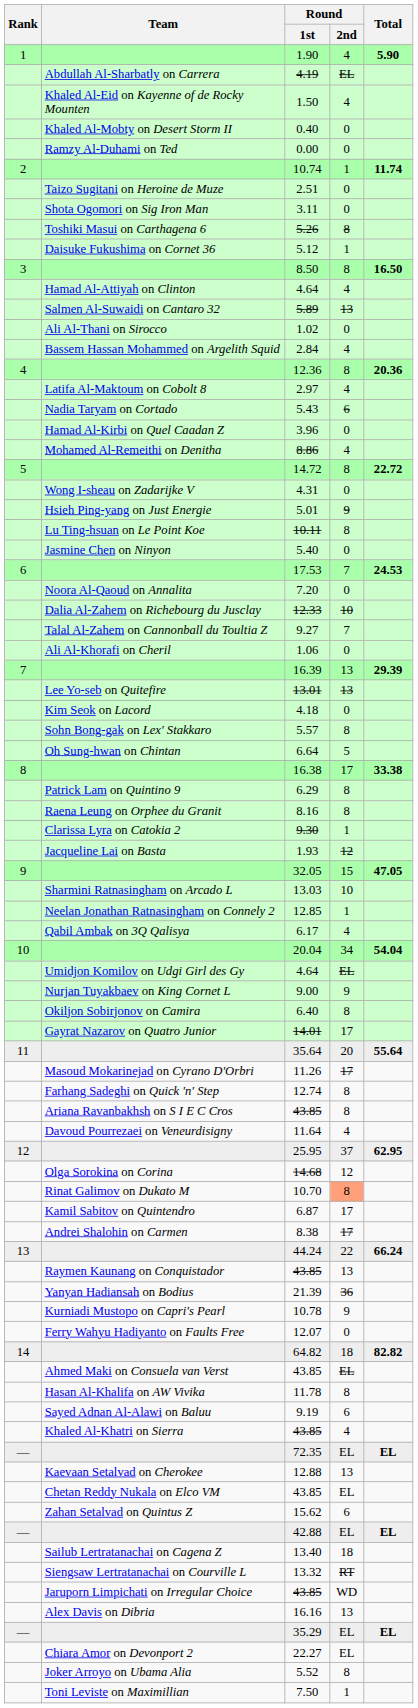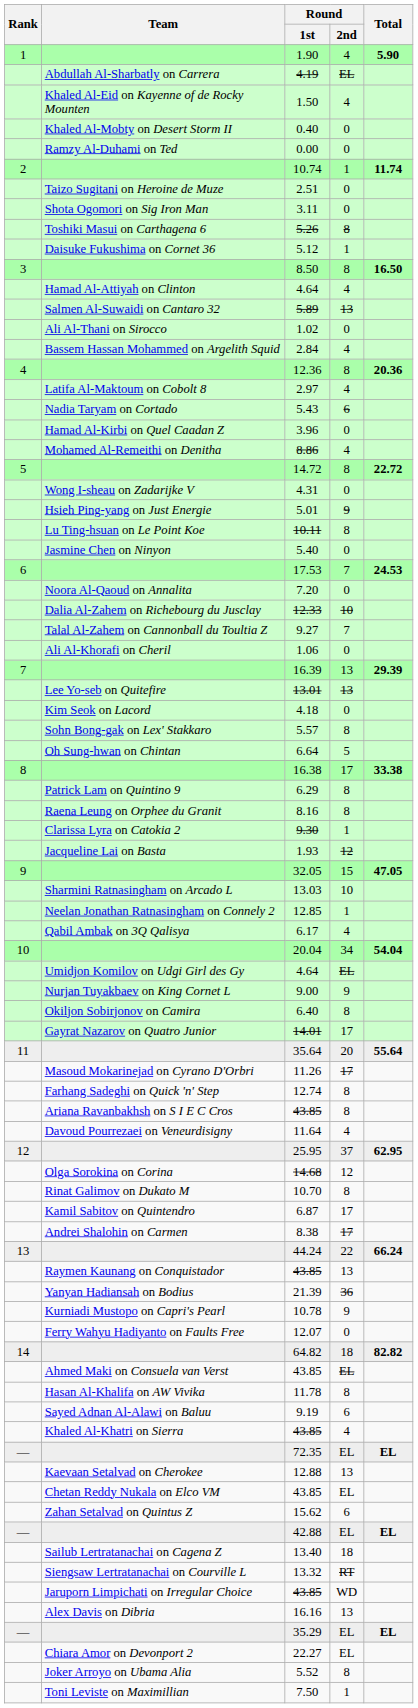 <table class=wikitable style="text-align:center">
 <tr>
 <th rowspan=2 width=40>Rank</th>
 <th rowspan=2 width=300>Team</th>
 <th colspan=2>Round</th>
 <th rowspan=2 width=55>Total</th>
 </tr>
 <tr>
 <th width=50>1st</th>
 <th width=35>2nd</th>
 </tr>
 <tr bgcolor="aaffaa">
 <td>1</td>
 <td align=left></td>
 <td>1.90</td>
 <td>4</td>
 <td><strong>5.90</strong></td>
 </tr>
 <tr bgcolor="ccffcc">
 <td></td>
 <td align=left><a href='#'>Abdullah Al-Sharbatly</a> on <em>Carrera</em></td>
 <td><s>4.19</s></td>
 <td><s>EL</s></td>
 <td></td>
 </tr>
 <tr bgcolor="ccffcc">
 <td></td>
 <td align=left><a href='#'>Khaled Al-Eid</a> on <em>Kayenne of de Rocky Mounten</em></td>
 <td>1.50</td>
 <td>4</td>
 <td></td>
 </tr>
 <tr bgcolor="ccffcc">
 <td></td>
 <td align=left><a href='#'>Khaled Al-Mobty</a> on <em>Desert Storm II</em></td>
 <td>0.40</td>
 <td>0</td>
 <td></td>
 </tr>
 <tr bgcolor="ccffcc">
 <td></td>
 <td align=left><a href='#'>Ramzy Al-Duhami</a> on <em>Ted</em></td>
 <td>0.00</td>
 <td>0</td>
 <td></td>
 </tr>
 <tr bgcolor="aaffaa">
 <td>2</td>
 <td align=left></td>
 <td>10.74</td>
 <td>1</td>
 <td><strong>11.74</strong></td>
 </tr>
 <tr bgcolor="ccffcc">
 <td></td>
 <td align=left><a href='#'>Taizo Sugitani</a> on <em>Heroine de Muze</em></td>
 <td>2.51</td>
 <td>0</td>
 <td></td>
 </tr>
 <tr bgcolor="ccffcc">
 <td></td>
 <td align=left><a href='#'>Shota Ogomori</a> on <em>Sig Iron Man</em></td>
 <td>3.11</td>
 <td>0</td>
 <td></td>
 </tr>
 <tr bgcolor="ccffcc">
 <td></td>
 <td align=left><a href='#'>Toshiki Masui</a> on <em>Carthagena 6</em></td>
 <td><s>5.26</s></td>
 <td><s>8</s></td>
 <td></td>
 </tr>
 <tr bgcolor="ccffcc">
 <td></td>
 <td align=left><a href='#'>Daisuke Fukushima</a> on <em>Cornet 36</em></td>
 <td>5.12</td>
 <td>1</td>
 <td></td>
 </tr>
 <tr bgcolor="aaffaa">
 <td>3</td>
 <td align=left></td>
 <td>8.50</td>
 <td>8</td>
 <td><strong>16.50</strong></td>
 </tr>
 <tr bgcolor="ccffcc">
 <td></td>
 <td align=left><a href='#'>Hamad Al-Attiyah</a> on <em>Clinton</em></td>
 <td>4.64</td>
 <td>4</td>
 <td></td>
 </tr>
 <tr bgcolor="ccffcc">
 <td></td>
 <td align=left><a href='#'>Salmen Al-Suwaidi</a> on <em>Cantaro 32</em></td>
 <td><s>5.89</s></td>
 <td><s>13</s></td>
 <td></td>
 </tr>
 <tr bgcolor="ccffcc">
 <td></td>
 <td align=left><a href='#'>Ali Al-Thani</a> on <em>Sirocco</em></td>
 <td>1.02</td>
 <td>0</td>
 <td></td>
 </tr>
 <tr bgcolor="ccffcc">
 <td></td>
 <td align=left><a href='#'>Bassem Hassan Mohammed</a> on <em>Argelith Squid</em></td>
 <td>2.84</td>
 <td>4</td>
 <td></td>
 </tr>
 <tr bgcolor="aaffaa">
 <td>4</td>
 <td align=left></td>
 <td>12.36</td>
 <td>8</td>
 <td><strong>20.36</strong></td>
 </tr>
 <tr bgcolor="ccffcc">
 <td></td>
 <td align=left><a href='#'>Latifa Al-Maktoum</a> on <em>Cobolt 8</em></td>
 <td>2.97</td>
 <td>4</td>
 <td></td>
 </tr>
 <tr bgcolor="ccffcc">
 <td></td>
 <td align=left><a href='#'>Nadia Taryam</a> on <em>Cortado</em></td>
 <td>5.43</td>
 <td><s>6</s></td>
 <td></td>
 </tr>
 <tr bgcolor="ccffcc">
 <td></td>
 <td align=left><a href='#'>Hamad Al-Kirbi</a> on <em>Quel Caadan Z</em></td>
 <td>3.96</td>
 <td>0</td>
 <td></td>
 </tr>
 <tr bgcolor="ccffcc">
 <td></td>
 <td align=left><a href='#'>Mohamed Al-Remeithi</a> on <em>Denitha</em></td>
 <td><s>8.86</s></td>
 <td>4</td>
 <td></td>
 </tr>
 <tr bgcolor="aaffaa">
 <td>5</td>
 <td align=left></td>
 <td>14.72</td>
 <td>8</td>
 <td><strong>22.72</strong></td>
 </tr>
 <tr bgcolor="ccffcc">
 <td></td>
 <td align=left><a href='#'>Wong I-sheau</a> on <em>Zadarijke V</em></td>
 <td>4.31</td>
 <td>0</td>
 <td></td>
 </tr>
 <tr bgcolor="ccffcc">
 <td></td>
 <td align=left><a href='#'>Hsieh Ping-yang</a> on <em>Just Energie</em></td>
 <td>5.01</td>
 <td><s>9</s></td>
 <td></td>
 </tr>
 <tr bgcolor="ccffcc">
 <td></td>
 <td align=left><a href='#'>Lu Ting-hsuan</a> on <em>Le Point Koe</em></td>
 <td><s>10.11</s></td>
 <td>8</td>
 <td></td>
 </tr>
 <tr bgcolor="ccffcc">
 <td></td>
 <td align=left><a href='#'>Jasmine Chen</a> on <em>Ninyon</em></td>
 <td>5.40</td>
 <td>0</td>
 <td></td>
 </tr>
 <tr bgcolor="aaffaa">
 <td>6</td>
 <td align=left></td>
 <td>17.53</td>
 <td>7</td>
 <td><strong>24.53</strong></td>
 </tr>
 <tr bgcolor="ccffcc">
 <td></td>
 <td align=left><a href='#'>Noora Al-Qaoud</a> on <em>Annalita</em></td>
 <td>7.20</td>
 <td>0</td>
 <td></td>
 </tr>
 <tr bgcolor="ccffcc">
 <td></td>
 <td align=left><a href='#'>Dalia Al-Zahem</a> on <em>Richebourg du Jusclay</em></td>
 <td><s>12.33</s></td>
 <td><s>10</s></td>
 <td></td>
 </tr>
 <tr bgcolor="ccffcc">
 <td></td>
 <td align=left><a href='#'>Talal Al-Zahem</a> on <em>Cannonball du Toultia Z</em></td>
 <td>9.27</td>
 <td>7</td>
 <td></td>
 </tr>
 <tr bgcolor="ccffcc">
 <td></td>
 <td align=left><a href='#'>Ali Al-Khorafi</a> on <em>Cheril</em></td>
 <td>1.06</td>
 <td>0</td>
 <td></td>
 </tr>
 <tr bgcolor="aaffaa">
 <td>7</td>
 <td align=left></td>
 <td>16.39</td>
 <td>13</td>
 <td><strong>29.39</strong></td>
 </tr>
 <tr bgcolor="ccffcc">
 <td></td>
 <td align=left><a href='#'>Lee Yo-seb</a> on <em>Quitefire</em></td>
 <td><s>13.01</s></td>
 <td><s>13</s></td>
 <td></td>
 </tr>
 <tr bgcolor="ccffcc">
 <td></td>
 <td align=left><a href='#'>Kim Seok</a> on <em>Lacord</em></td>
 <td>4.18</td>
 <td>0</td>
 <td></td>
 </tr>
 <tr bgcolor="ccffcc">
 <td></td>
 <td align=left><a href='#'>Sohn Bong-gak</a> on <em>Lex' Stakkaro</em></td>
 <td>5.57</td>
 <td>8</td>
 <td></td>
 </tr>
 <tr bgcolor="ccffcc">
 <td></td>
 <td align=left><a href='#'>Oh Sung-hwan</a> on <em>Chintan</em></td>
 <td>6.64</td>
 <td>5</td>
 <td></td>
 </tr>
 <tr bgcolor="aaffaa">
 <td>8</td>
 <td align=left></td>
 <td>16.38</td>
 <td>17</td>
 <td><strong>33.38</strong></td>
 </tr>
 <tr bgcolor="ccffcc">
 <td></td>
 <td align=left><a href='#'>Patrick Lam</a> on <em>Quintino 9</em></td>
 <td>6.29</td>
 <td>8</td>
 <td></td>
 </tr>
 <tr bgcolor="ccffcc">
 <td></td>
 <td align=left><a href='#'>Raena Leung</a> on <em>Orphee du Granit</em></td>
 <td>8.16</td>
 <td>8</td>
 <td></td>
 </tr>
 <tr bgcolor="ccffcc">
 <td></td>
 <td align=left><a href='#'>Clarissa Lyra</a> on <em>Catokia 2</em></td>
 <td><s>9.30</s></td>
 <td>1</td>
 <td></td>
 </tr>
 <tr bgcolor="ccffcc">
 <td></td>
 <td align=left><a href='#'>Jacqueline Lai</a> on <em>Basta</em></td>
 <td>1.93</td>
 <td><s>12</s></td>
 <td></td>
 </tr>
 <tr bgcolor="aaffaa">
 <td>9</td>
 <td align=left></td>
 <td>32.05</td>
 <td>15</td>
 <td><strong>47.05</strong></td>
 </tr>
 <tr bgcolor="ccffcc">
 <td></td>
 <td align=left><a href='#'>Sharmini Ratnasingham</a> on <em>Arcado L</em></td>
 <td>13.03</td>
 <td>10</td>
 <td></td>
 </tr>
 <tr bgcolor="ccffcc">
 <td></td>
 <td align=left><a href='#'>Neelan Jonathan Ratnasingham</a> on <em>Connely 2</em></td>
 <td>12.85</td>
 <td>1</td>
 <td></td>
 </tr>
 <tr bgcolor="ccffcc">
 <td></td>
 <td align=left><a href='#'>Qabil Ambak</a> on <em>3Q Qalisya</em></td>
 <td>6.17</td>
 <td>4</td>
 <td></td>
 </tr>
 <tr bgcolor="aaffaa">
 <td>10</td>
 <td align=left></td>
 <td>20.04</td>
 <td>34</td>
 <td><strong>54.04</strong></td>
 </tr>
 <tr bgcolor="ccffcc">
 <td></td>
 <td align=left><a href='#'>Umidjon Komilov</a> on <em>Udgi Girl des Gy</em></td>
 <td>4.64</td>
 <td><s>EL</s></td>
 <td></td>
 </tr>
 <tr bgcolor="ccffcc">
 <td></td>
 <td align=left><a href='#'>Nurjan Tuyakbaev</a> on <em>King Cornet L</em></td>
 <td>9.00</td>
 <td>9</td>
 <td></td>
 </tr>
 <tr bgcolor="ccffcc">
 <td></td>
 <td align=left><a href='#'>Okiljon Sobirjonov</a> on <em>Camira</em></td>
 <td>6.40</td>
 <td>8</td>
 <td></td>
 </tr>
 <tr bgcolor="ccffcc">
 <td></td>
 <td align=left><a href='#'>Gayrat Nazarov</a> on <em>Quatro Junior</em></td>
 <td><s>14.01</s></td>
 <td>17</td>
 <td></td>
 </tr>
 <tr bgcolor=eeeeee>
 <td>11</td>
 <td align=left></td>
 <td>35.64</td>
 <td>20</td>
 <td><strong>55.64</strong></td>
 </tr>
 <tr>
 <td></td>
 <td align=left><a href='#'>Masoud Mokarinejad</a> on <em>Cyrano D'Orbri</em></td>
 <td>11.26</td>
 <td><s>17</s></td>
 <td></td>
 </tr>
 <tr>
 <td></td>
 <td align=left><a href='#'>Farhang Sadeghi</a> on <em>Quick 'n' Step</em></td>
 <td>12.74</td>
 <td>8</td>
 <td></td>
 </tr>
 <tr>
 <td></td>
 <td align=left><a href='#'>Ariana Ravanbakhsh</a> on <em>S I E C Cros</em></td>
 <td><s>43.85</s></td>
 <td>8</td>
 <td></td>
 </tr>
 <tr>
 <td></td>
 <td align=left><a href='#'>Davoud Pourrezaei</a> on <em>Veneurdisigny</em></td>
 <td>11.64</td>
 <td>4</td>
 <td></td>
 </tr>
 <tr bgcolor=eeeeee>
 <td>12</td>
 <td align=left></td>
 <td>25.95</td>
 <td>37</td>
 <td><strong>62.95</strong></td>
 </tr>
 <tr>
 <td></td>
 <td align=left><a href='#'>Olga Sorokina</a> on <em>Corina</em></td>
 <td><s>14.68</s></td>
 <td>12</td>
 <td></td>
 </tr>
 <tr>
 <td></td>
 <td align=left><a href='#'>Rinat Galimov</a> on <em>Dukato M</em></td>
 <td>10.70</td>
-<td style="background: lightsalmon;">8</td>
+<td>8</td>
 <td></td>
 </tr>
 <tr>
 <td></td>
 <td align=left><a href='#'>Kamil Sabitov</a> on <em>Quintendro</em></td>
 <td>6.87</td>
 <td>17</td>
 <td></td>
 </tr>
 <tr>
 <td></td>
 <td align=left><a href='#'>Andrei Shalohin</a> on <em>Carmen</em></td>
 <td>8.38</td>
 <td><s>17</s></td>
 <td></td>
 </tr>
 <tr bgcolor=eeeeee>
 <td>13</td>
 <td align=left></td>
 <td>44.24</td>
 <td>22</td>
 <td><strong>66.24</strong></td>
 </tr>
 <tr>
 <td></td>
 <td align=left><a href='#'>Raymen Kaunang</a> on <em>Conquistador</em></td>
 <td><s>43.85</s></td>
 <td>13</td>
 <td></td>
 </tr>
 <tr>
 <td></td>
 <td align=left><a href='#'>Yanyan Hadiansah</a> on <em>Bodius</em></td>
 <td>21.39</td>
 <td><s>36</s></td>
 <td></td>
 </tr>
 <tr>
 <td></td>
 <td align=left><a href='#'>Kurniadi Mustopo</a> on <em>Capri's Pearl</em></td>
 <td>10.78</td>
 <td>9</td>
 <td></td>
 </tr>
 <tr>
 <td></td>
 <td align=left><a href='#'>Ferry Wahyu Hadiyanto</a> on <em>Faults Free</em></td>
 <td>12.07</td>
 <td>0</td>
 <td></td>
 </tr>
 <tr bgcolor=eeeeee>
 <td>14</td>
 <td align=left></td>
 <td>64.82</td>
 <td>18</td>
 <td><strong>82.82</strong></td>
 </tr>
 <tr>
 <td></td>
 <td align=left><a href='#'>Ahmed Maki</a> on <em>Consuela van Verst</em></td>
 <td>43.85</td>
 <td><s>EL</s></td>
 <td></td>
 </tr>
 <tr>
 <td></td>
 <td align=left><a href='#'>Hasan Al-Khalifa</a> on <em>AW Vivika</em></td>
 <td>11.78</td>
 <td>8</td>
 <td></td>
 </tr>
 <tr>
 <td></td>
 <td align=left><a href='#'>Sayed Adnan Al-Alawi</a> on <em>Baluu</em></td>
 <td>9.19</td>
 <td>6</td>
 <td></td>
 </tr>
 <tr>
 <td></td>
 <td align=left><a href='#'>Khaled Al-Khatri</a> on <em>Sierra</em></td>
 <td><s>43.85</s></td>
 <td>4</td>
 <td></td>
 </tr>
 <tr bgcolor=eeeeee>
 <td>—</td>
 <td align=left></td>
 <td>72.35</td>
 <td>EL</td>
 <td><strong>EL</strong></td>
 </tr>
 <tr>
 <td></td>
 <td align=left><a href='#'>Kaevaan Setalvad</a> on <em>Cherokee</em></td>
 <td>12.88</td>
 <td>13</td>
 <td></td>
 </tr>
 <tr>
 <td></td>
 <td align=left><a href='#'>Chetan Reddy Nukala</a> on <em>Elco VM</em></td>
 <td>43.85</td>
 <td>EL</td>
 <td></td>
 </tr>
 <tr>
 <td></td>
 <td align=left><a href='#'>Zahan Setalvad</a> on <em>Quintus Z</em></td>
 <td>15.62</td>
 <td>6</td>
 <td></td>
 </tr>
 <tr bgcolor=eeeeee>
 <td>—</td>
 <td align=left></td>
 <td>42.88</td>
 <td>EL</td>
 <td><strong>EL</strong></td>
 </tr>
 <tr>
 <td></td>
 <td align=left><a href='#'>Sailub Lertratanachai</a> on <em>Cagena Z</em></td>
 <td>13.40</td>
 <td>18</td>
 <td></td>
 </tr>
 <tr>
 <td></td>
 <td align=left><a href='#'>Siengsaw Lertratanachai</a> on <em>Courville L</em></td>
 <td>13.32</td>
 <td><s>RT</s></td>
 <td></td>
 </tr>
 <tr>
 <td></td>
 <td align=left><a href='#'>Jaruporn Limpichati</a> on <em>Irregular Choice</em></td>
 <td><s>43.85</s></td>
 <td>WD</td>
 <td></td>
 </tr>
 <tr>
 <td></td>
 <td align=left><a href='#'>Alex Davis</a> on <em>Dibria</em></td>
 <td>16.16</td>
 <td>13</td>
 <td></td>
 </tr>
 <tr bgcolor=eeeeee>
 <td>—</td>
 <td align=left></td>
 <td>35.29</td>
 <td>EL</td>
 <td><strong>EL</strong></td>
 </tr>
 <tr>
 <td></td>
 <td align=left><a href='#'>Chiara Amor</a> on <em>Devonport 2</em></td>
 <td>22.27</td>
 <td>EL</td>
 <td></td>
 </tr>
 <tr>
 <td></td>
 <td align=left><a href='#'>Joker Arroyo</a> on <em>Ubama Alia</em></td>
 <td>5.52</td>
 <td>8</td>
 <td></td>
 </tr>
 <tr>
 <td></td>
 <td align=left><a href='#'>Toni Leviste</a> on <em>Maximillian</em></td>
 <td>7.50</td>
 <td>1</td>
 <td></td>
 </tr>
 </table>
